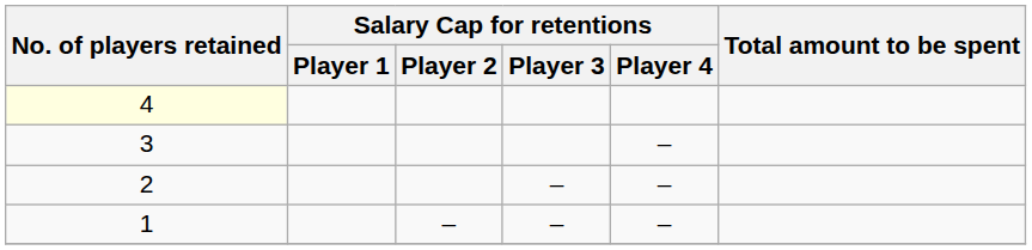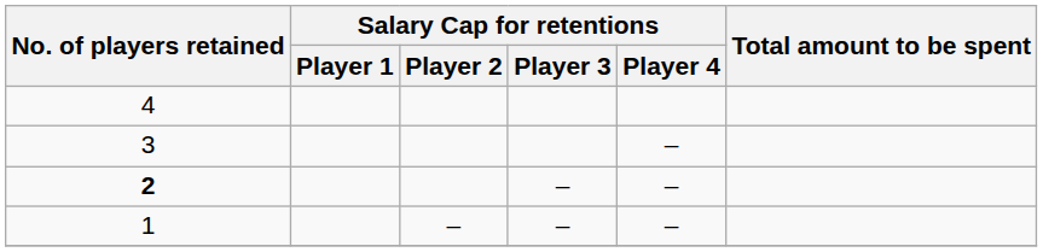 <table class="wikitable" style="text-align:center">
 <tr>
 <th rowspan=2>No. of players retained</th>
 <th colspan=4>Salary Cap for retentions</th>
 <th rowspan=2>Total amount to be spent</th>
 </tr>
 <tr>
 <th>Player 1</th>
 <th>Player 2</th>
 <th>Player 3</th>
 <th>Player 4</th>
 </tr>
 <tr>
-<td style="background: lightyellow;">4</td>
+<td>4</td>
 <td></td>
 <td></td>
 <td></td>
 <td></td>
 <td></td>
 </tr>
 <tr>
 <td>3</td>
 <td></td>
 <td></td>
 <td></td>
 <td>–</td>
 <td></td>
 </tr>
 <tr>
-<td>2</td>
+<td><strong>2</strong></td>
 <td></td>
 <td></td>
 <td>–</td>
 <td>–</td>
 <td></td>
 </tr>
 <tr>
 <td>1</td>
 <td></td>
 <td>–</td>
 <td>–</td>
 <td>–</td>
 <td></td>
 </tr>
 <tr>
 </tr>
 </table>
